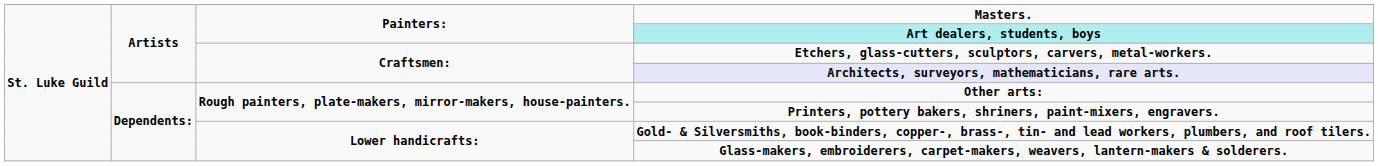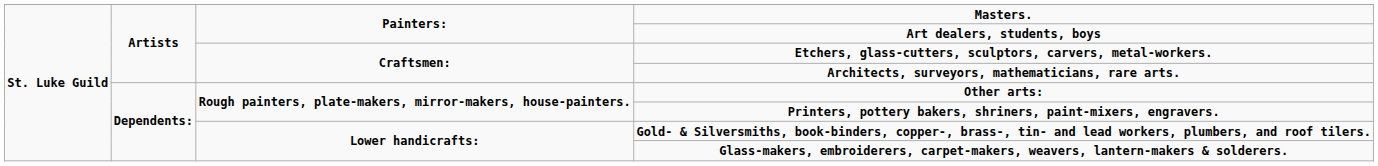 <table class="wikitable">
 <tr>
 </tr>
 <tr>
 <td rowspan="8" align="center"><strong>St. Luke Guild</strong></td>
 <td rowspan="4" align="center"><strong>Artists</strong></td>
 <td rowspan="2" align="center"><strong>Painters:</strong></td>
 <td align="center"><strong>Masters.</strong></td>
 </tr>
 <tr>
-<td align="center" style="background: paleturquoise;"><strong>Art dealers, students, boys</strong></td>
+<td align="center"><strong>Art dealers, students, boys</strong></td>
 </tr>
 <tr>
 <td rowspan="2" align="center"><strong>Craftsmen:</strong></td>
 <td align="center"><strong>Etchers, glass-cutters, sculptors, carvers, metal-workers.</strong></td>
 </tr>
 <tr>
-<td align="center" style="background: lavender;"><strong>Architects, surveyors, mathematicians, rare arts.</strong></td>
+<td align="center"><strong>Architects, surveyors, mathematicians, rare arts.</strong></td>
 </tr>
 <tr>
 <td rowspan="4" align="center"><strong>Dependents:</strong></td>
 <td rowspan="2" align="center"><strong>Rough painters, plate-makers, mirror-makers, house-painters.</strong></td>
 <td align="center"><strong>Other arts:</strong></td>
 </tr>
 <tr>
 <td align="center"><strong>Printers, pottery bakers, shriners, paint-mixers, engravers.</strong></td>
 </tr>
 <tr>
 <td rowspan="2" align="center"><strong>Lower handicrafts:</strong></td>
 <td align="center"><strong>Gold- & Silversmiths, book-binders, copper-, brass-, tin- and lead workers, plumbers, and roof tilers.</strong></td>
 </tr>
 <tr>
 <td align="center"><strong>Glass-makers, embroiderers, carpet-makers, weavers, lantern-makers & solderers.</strong></td>
 </tr>
 </table>
